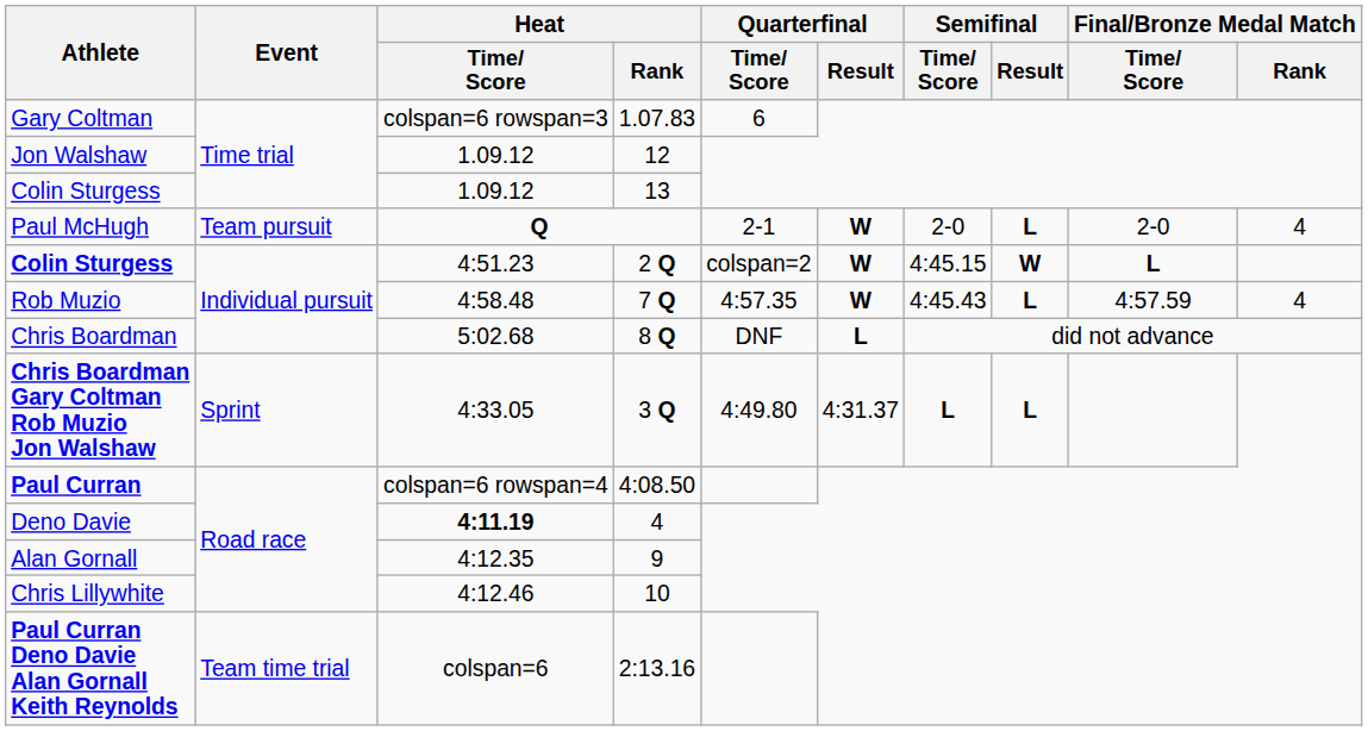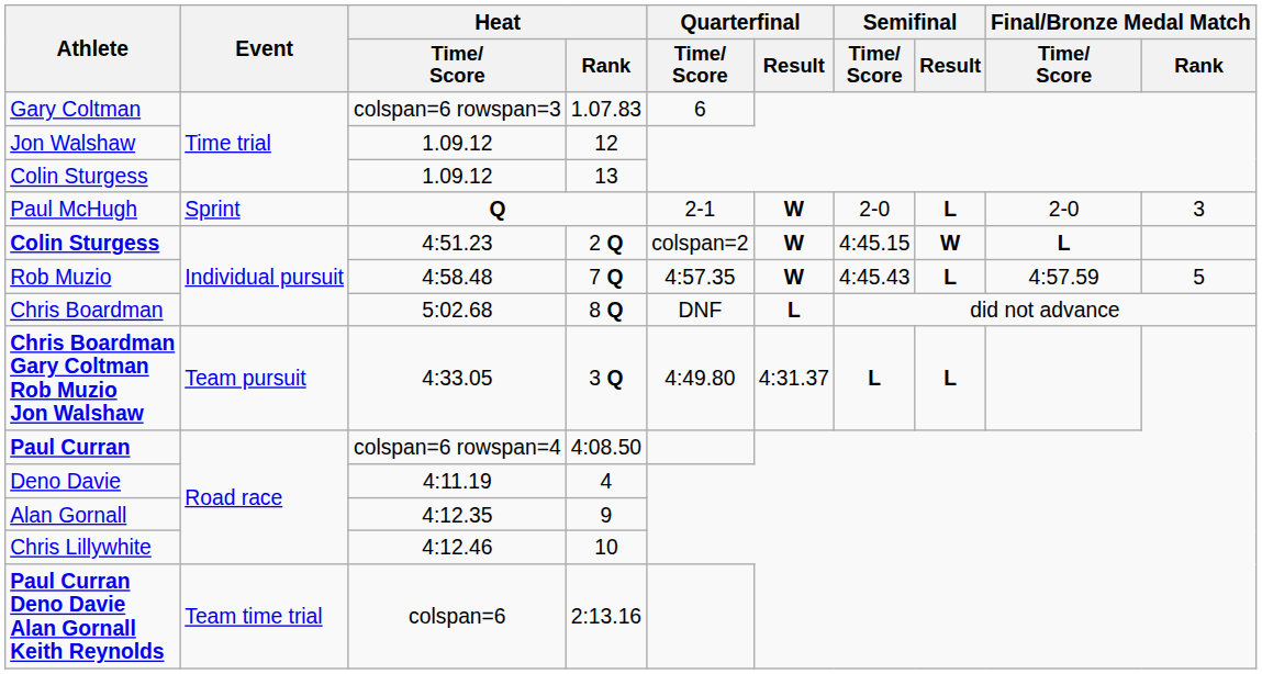 <table class=wikitable style=font-size:90%>
 <tr>
 <th rowspan=2>Athlete</th>
 <th rowspan=2>Event</th>
 <th colspan=2>Heat</th>
 <th colspan=2>Quarterfinal</th>
 <th colspan=2>Semifinal</th>
 <th colspan=2>Final/Bronze Medal Match</th>
 </tr>
 <tr style=font-size:95%>
 <th>Time/<br>Score</th>
 <th>Rank</th>
 <th>Time/<br>Score</th>
 <th>Result</th>
 <th>Time/<br>Score</th>
 <th>Result</th>
 <th>Time/<br>Score</th>
 <th>Rank</th>
 </tr>
 <tr align=center>
 <td align=left><a href='#'>Gary Coltman</a></td>
 <td align=left rowspan=3><a href='#'>Time trial</a></td>
 <td>colspan=6 rowspan=3 </td>
 <td>1.07.83</td>
 <td>6</td>
 </tr>
 <tr align=center>
 <td align=left><a href='#'>Jon Walshaw</a></td>
 <td>1.09.12</td>
 <td>12</td>
 </tr>
 <tr align=center>
 <td align=left><a href='#'>Colin Sturgess</a></td>
 <td>1.09.12</td>
 <td>13</td>
 </tr>
 <tr align=center>
 <td align=left><a href='#'>Paul McHugh</a></td>
-<td align=left><a href='#'>Team pursuit</a></td>
+<td align=left><a href='#'>Sprint</a></td>
 <td colspan=2><strong>Q</strong></td>
 <td>2-1</td>
 <td><strong>W</strong></td>
 <td>2-0</td>
 <td><strong>L</strong></td>
 <td>2-0</td>
-<td>4</td>
+<td>3</td>
 </tr>
 <tr align=center>
 <td align=left><strong><a href='#'>Colin Sturgess</a></strong></td>
 <td align=left rowspan=3><a href='#'>Individual pursuit</a></td>
 <td>4:51.23</td>
 <td>2 <strong>Q</strong></td>
 <td>colspan=2 </td>
 <td><strong>W</strong></td>
 <td>4:45.15</td>
 <td><strong>W</strong></td>
 <td><strong>L</strong></td>
 <td></td>
 </tr>
 <tr align=center>
 <td align=left><a href='#'>Rob Muzio</a></td>
 <td>4:58.48</td>
 <td>7 <strong>Q</strong></td>
 <td>4:57.35</td>
 <td><strong>W</strong></td>
 <td>4:45.43</td>
 <td><strong>L</strong></td>
 <td>4:57.59</td>
-<td>4</td>
+<td>5</td>
 </tr>
 <tr align=center>
 <td align=left><a href='#'>Chris Boardman</a></td>
 <td>5:02.68</td>
 <td>8 <strong>Q</strong></td>
 <td>DNF</td>
 <td><strong>L</strong></td>
 <td colspan=4>did not advance</td>
 </tr>
 <tr align=center>
 <td align=left><strong><a href='#'>Chris Boardman</a></strong><br><strong><a href='#'>Gary Coltman</a></strong><br><strong><a href='#'>Rob Muzio</a></strong><br><strong><a href='#'>Jon Walshaw</a></strong></td>
-<td align=left><a href='#'>Sprint</a></td>
+<td align=left><a href='#'>Team pursuit</a></td>
 <td>4:33.05</td>
 <td>3 <strong>Q</strong></td>
 <td>4:49.80</td>
 <td>4:31.37</td>
 <td><strong>L</strong></td>
 <td><strong>L</strong></td>
 <td></td>
 </tr>
 <tr align=center>
 <td align=left><strong><a href='#'>Paul Curran</a></strong></td>
 <td align=left rowspan=4><a href='#'>Road race</a></td>
 <td>colspan=6 rowspan=4 </td>
 <td>4:08.50</td>
 <td></td>
 </tr>
 <tr align=center>
 <td align=left><a href='#'>Deno Davie</a></td>
-<td><strong>4:11.19</strong></td>
+<td>4:11.19</td>
 <td>4</td>
 </tr>
 <tr align=center>
 <td align=left><a href='#'>Alan Gornall</a></td>
 <td>4:12.35</td>
 <td>9</td>
 </tr>
 <tr align=center>
 <td align=left><a href='#'>Chris Lillywhite</a></td>
 <td>4:12.46</td>
 <td>10</td>
 </tr>
 <tr align=center>
 <td align=left><strong><a href='#'>Paul Curran</a></strong><br><strong><a href='#'>Deno Davie</a></strong><br><strong><a href='#'>Alan Gornall</a></strong><br><strong><a href='#'>Keith Reynolds</a></strong></td>
 <td align=left><a href='#'>Team time trial</a></td>
 <td>colspan=6 </td>
 <td>2:13.16</td>
 <td></td>
 </tr>
 </table>
